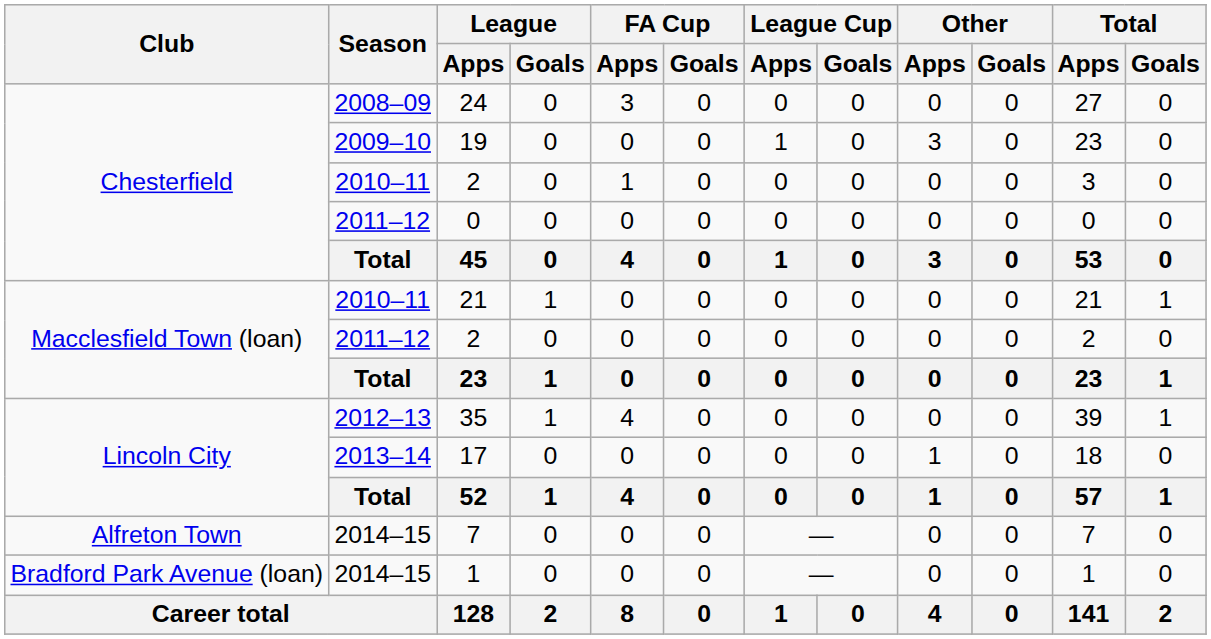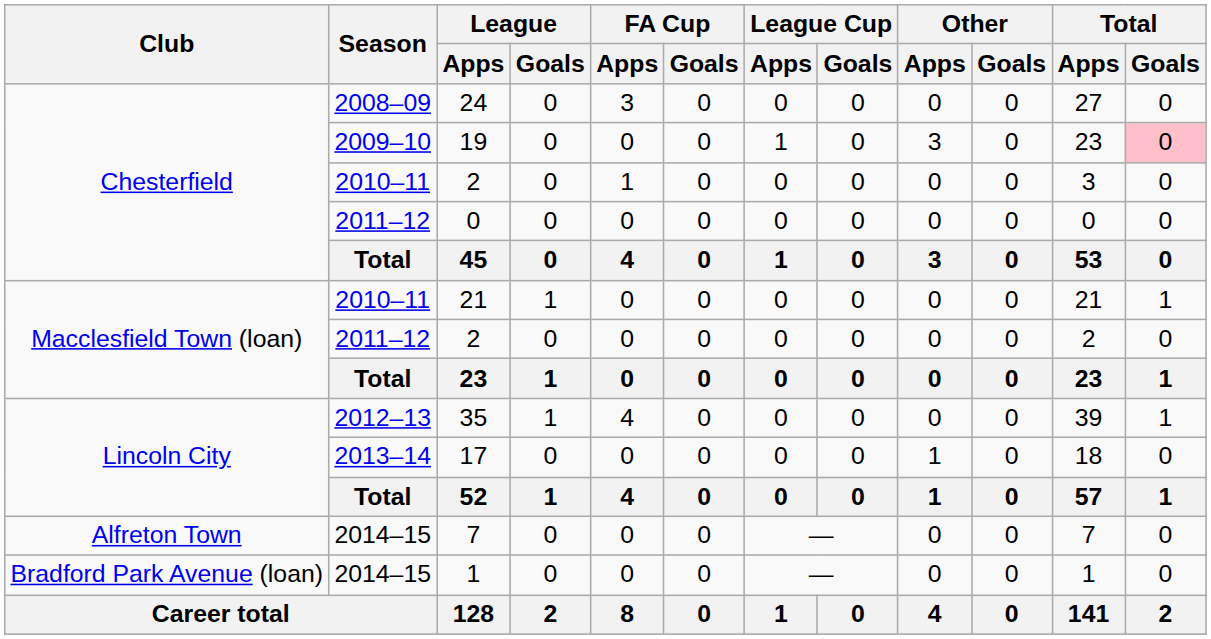 <table class="wikitable" style="text-align: center;">
 <tr>
 <th rowspan="2">Club</th>
 <th rowspan="2">Season</th>
 <th colspan="2">League</th>
 <th colspan="2">FA Cup</th>
 <th colspan="2">League Cup</th>
 <th colspan="2">Other</th>
 <th colspan="2">Total</th>
 </tr>
 <tr>
 <th>Apps</th>
 <th>Goals</th>
 <th>Apps</th>
 <th>Goals</th>
 <th>Apps</th>
 <th>Goals</th>
 <th>Apps</th>
 <th>Goals</th>
 <th>Apps</th>
 <th>Goals</th>
 </tr>
 <tr>
 <td rowspan="5"><a href='#'>Chesterfield</a></td>
 <td><a href='#'>2008–09</a></td>
 <td>24</td>
 <td>0</td>
 <td>3</td>
 <td>0</td>
 <td>0</td>
 <td>0</td>
 <td>0</td>
 <td>0</td>
 <td>27</td>
 <td>0</td>
 </tr>
 <tr>
 <td><a href='#'>2009–10</a></td>
 <td>19</td>
 <td>0</td>
 <td>0</td>
 <td>0</td>
 <td>1</td>
 <td>0</td>
 <td>3</td>
 <td>0</td>
 <td>23</td>
-<td>0</td>
+<td style="background: pink;">0</td>
 </tr>
 <tr>
 <td><a href='#'>2010–11</a></td>
 <td>2</td>
 <td>0</td>
 <td>1</td>
 <td>0</td>
 <td>0</td>
 <td>0</td>
 <td>0</td>
 <td>0</td>
 <td>3</td>
 <td>0</td>
 </tr>
 <tr>
 <td><a href='#'>2011–12</a></td>
 <td>0</td>
 <td>0</td>
 <td>0</td>
 <td>0</td>
 <td>0</td>
 <td>0</td>
 <td>0</td>
 <td>0</td>
 <td>0</td>
 <td>0</td>
 </tr>
 <tr>
 <th>Total</th>
 <th>45</th>
 <th>0</th>
 <th>4</th>
 <th>0</th>
 <th>1</th>
 <th>0</th>
 <th>3</th>
 <th>0</th>
 <th>53</th>
 <th>0</th>
 </tr>
 <tr>
 <td rowspan="3"><a href='#'>Macclesfield Town</a> (loan)</td>
 <td><a href='#'>2010–11</a></td>
 <td>21</td>
 <td>1</td>
 <td>0</td>
 <td>0</td>
 <td>0</td>
 <td>0</td>
 <td>0</td>
 <td>0</td>
 <td>21</td>
 <td>1</td>
 </tr>
 <tr>
 <td><a href='#'>2011–12</a></td>
 <td>2</td>
 <td>0</td>
 <td>0</td>
 <td>0</td>
 <td>0</td>
 <td>0</td>
 <td>0</td>
 <td>0</td>
 <td>2</td>
 <td>0</td>
 </tr>
 <tr>
 <th>Total</th>
 <th>23</th>
 <th>1</th>
 <th>0</th>
 <th>0</th>
 <th>0</th>
 <th>0</th>
 <th>0</th>
 <th>0</th>
 <th>23</th>
 <th>1</th>
 </tr>
 <tr>
 <td rowspan="3"><a href='#'>Lincoln City</a></td>
 <td><a href='#'>2012–13</a></td>
 <td>35</td>
 <td>1</td>
 <td>4</td>
 <td>0</td>
 <td>0</td>
 <td>0</td>
 <td>0</td>
 <td>0</td>
 <td>39</td>
 <td>1</td>
 </tr>
 <tr>
 <td><a href='#'>2013–14</a></td>
 <td>17</td>
 <td>0</td>
 <td>0</td>
 <td>0</td>
 <td>0</td>
 <td>0</td>
 <td>1</td>
 <td>0</td>
 <td>18</td>
 <td>0</td>
 </tr>
 <tr>
 <th>Total</th>
 <th>52</th>
 <th>1</th>
 <th>4</th>
 <th>0</th>
 <th>0</th>
 <th>0</th>
 <th>1</th>
 <th>0</th>
 <th>57</th>
 <th>1</th>
 </tr>
 <tr>
 <td rowspan="1" valign="center"><a href='#'>Alfreton Town</a></td>
 <td>2014–15</td>
 <td>7</td>
 <td>0</td>
 <td>0</td>
 <td>0</td>
 <td colspan="2">—</td>
 <td>0</td>
 <td>0</td>
 <td>7</td>
 <td>0</td>
 </tr>
 <tr>
 <td rowspan="1" valign="center"><a href='#'>Bradford Park Avenue</a> (loan)</td>
 <td>2014–15</td>
 <td>1</td>
 <td>0</td>
 <td>0</td>
 <td>0</td>
 <td colspan="2">—</td>
 <td>0</td>
 <td>0</td>
 <td>1</td>
 <td>0</td>
 </tr>
 <tr>
 <th colspan="2">Career total</th>
 <th>128</th>
 <th>2</th>
 <th>8</th>
 <th>0</th>
 <th>1</th>
 <th>0</th>
 <th>4</th>
 <th>0</th>
 <th>141</th>
 <th>2</th>
 </tr>
 </table>
